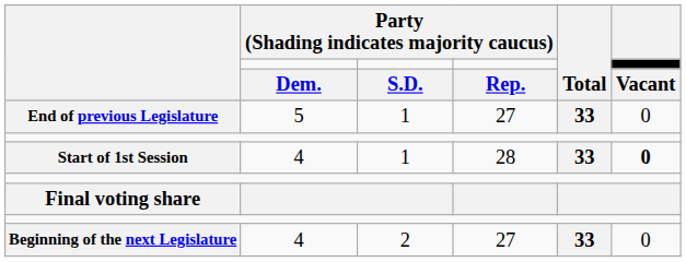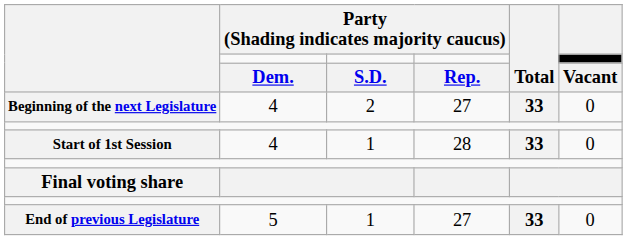 <table class=wikitable style="text-align:center">
 <tr style="vertical-align:bottom;">
 <th rowspan=3></th>
 <th colspan=3>Party <div>(Shading indicates majority caucus)</div></th>
 <th rowspan=3>Total</th>
 <th></th>
 </tr>
 <tr style="height:5px">
 <td style="background-color:"></td>
 <td style="background-color:"></td>
 <td style="background-color:"></td>
 <td style="background:black;"></td>
 </tr>
 <tr>
 <th><a href='#'>Dem.</a></th>
 <th><a href='#'>S.D.</a></th>
 <th><a href='#'>Rep.</a></th>
 <th>Vacant</th>
 </tr>
 <tr>
-<th style="font-size:80%;">End of <a href='#'>previous Legislature</a></th>
-<td>5</td>
-<td>1</td>
+<th style="font-size:80%;">Beginning of the <a href='#'>next Legislature</a></th>
+<td>4</td>
+<td>2</td>
 <td>27</td>
 <th>33</th>
 <td>0</td>
 </tr>
 <tr>
 <td colspan=6></td>
 </tr>
 <tr>
 <th style="font-size:80%;">Start of 1st Session</th>
 <td>4</td>
 <td>1</td>
 <td>28</td>
 <th>33</th>
-<td><strong>0</strong></td>
+<td>0</td>
 </tr>
 <tr>
 <td colspan=6></td>
 </tr>
 <tr>
 <th>Final voting share</th>
 <th colspan=2></th>
 <th></th>
 <th colspan=2></th>
 </tr>
 <tr>
 <td colspan=6></td>
 </tr>
 <tr>
-<th style="font-size:80%;">Beginning of the <a href='#'>next Legislature</a></th>
-<td>4</td>
-<td>2</td>
+<th style="font-size:80%;">End of <a href='#'>previous Legislature</a></th>
+<td>5</td>
+<td>1</td>
 <td>27</td>
 <th>33</th>
 <td>0</td>
 </tr>
 </table>
